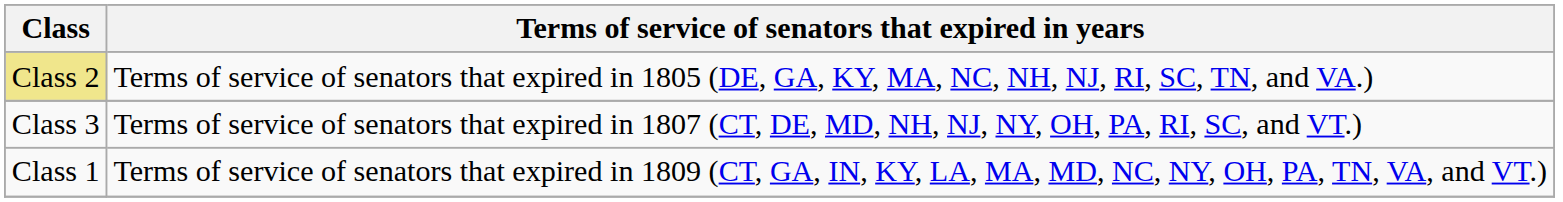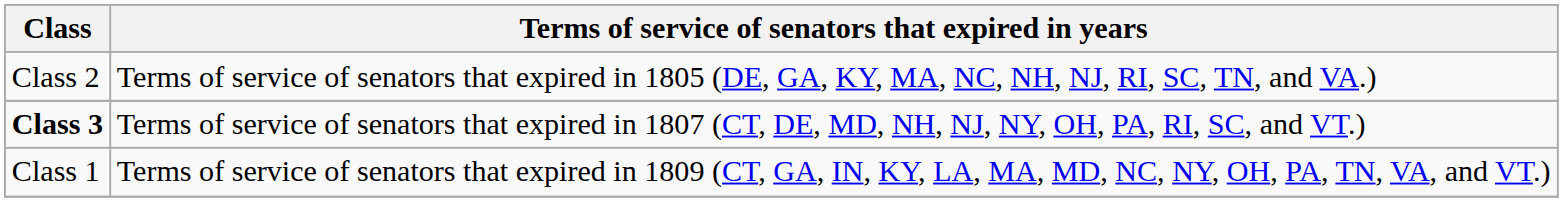 <table class="wikitable sortable">
 <tr valign=bottom>
 <th>Class</th>
 <th>Terms of service of senators that expired in years</th>
 </tr>
 <tr>
-<td style="background: khaki;">Class 2</td>
+<td>Class 2</td>
 <td>Terms of service of senators that expired in 1805 (<a href='#'>DE</a>, <a href='#'>GA</a>, <a href='#'>KY</a>, <a href='#'>MA</a>, <a href='#'>NC</a>, <a href='#'>NH</a>, <a href='#'>NJ</a>, <a href='#'>RI</a>, <a href='#'>SC</a>, <a href='#'>TN</a>, and <a href='#'>VA</a>.)</td>
 </tr>
 <tr>
 </tr>
 <tr>
-<td>Class 3</td>
+<td><strong>Class 3</strong></td>
 <td>Terms of service of senators that expired in 1807 (<a href='#'>CT</a>, <a href='#'>DE</a>, <a href='#'>MD</a>, <a href='#'>NH</a>, <a href='#'>NJ</a>, <a href='#'>NY</a>, <a href='#'>OH</a>, <a href='#'>PA</a>, <a href='#'>RI</a>, <a href='#'>SC</a>, and <a href='#'>VT</a>.)</td>
 </tr>
 <tr>
 <td>Class 1</td>
 <td>Terms of service of senators that expired in 1809 (<a href='#'>CT</a>, <a href='#'>GA</a>, <a href='#'>IN</a>, <a href='#'>KY</a>, <a href='#'>LA</a>, <a href='#'>MA</a>, <a href='#'>MD</a>, <a href='#'>NC</a>, <a href='#'>NY</a>, <a href='#'>OH</a>, <a href='#'>PA</a>, <a href='#'>TN</a>, <a href='#'>VA</a>, and <a href='#'>VT</a>.)</td>
 </tr>
 <tr>
 </tr>
 </table>
